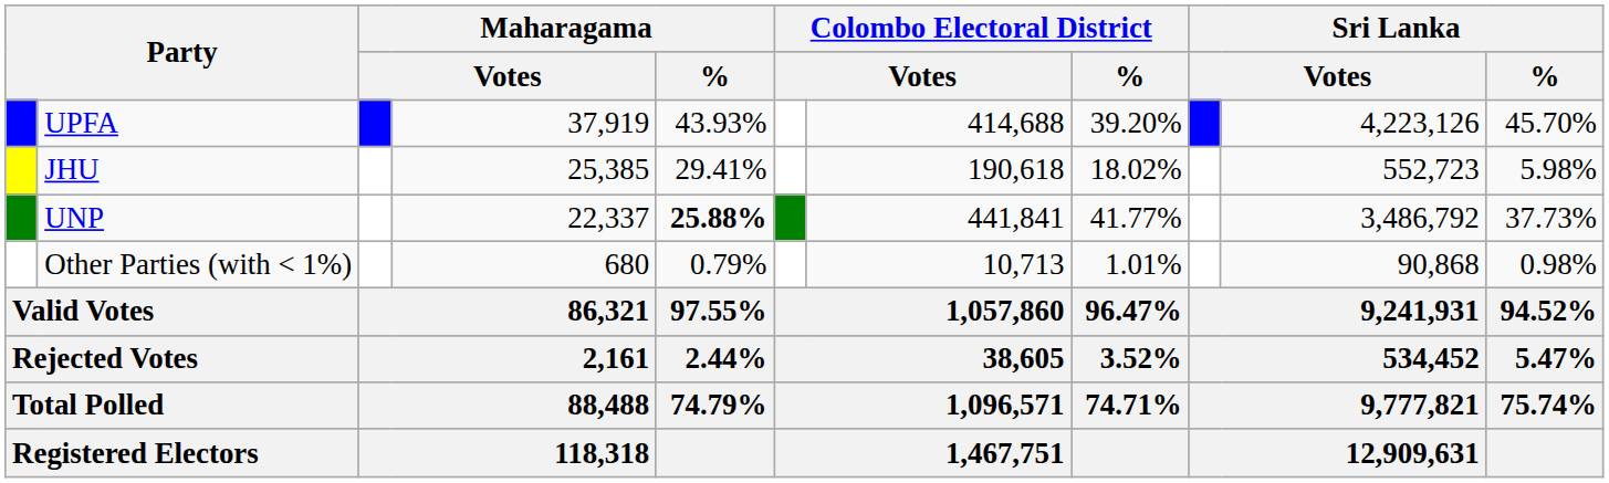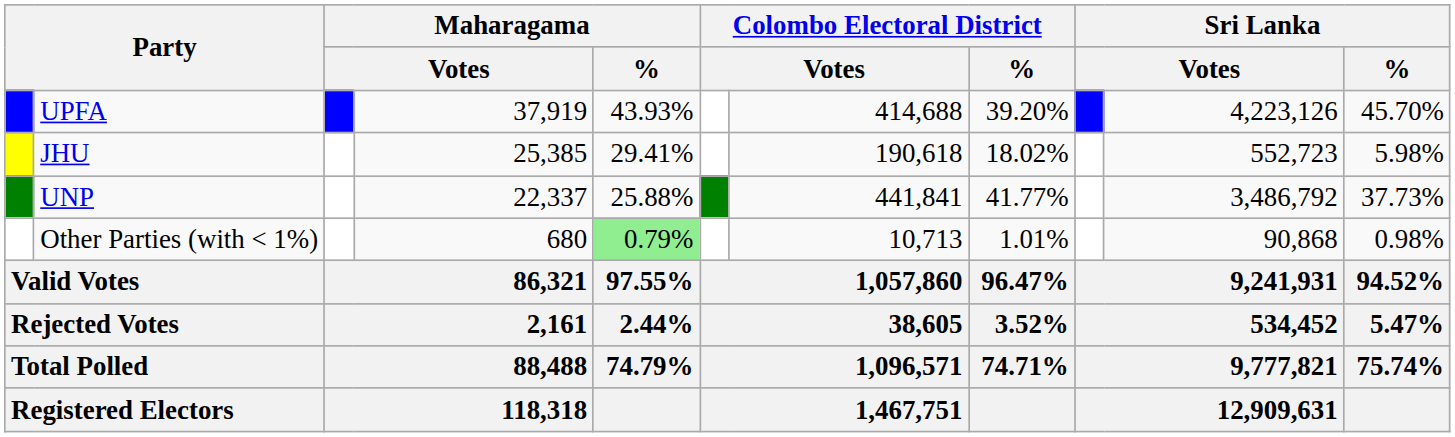 <table class="wikitable">
 <tr>
 <th colspan="2" width="144px"rowspan="2">Party</th>
 <th colspan="3" width="216px">Maharagama</th>
 <th colspan="3" width="216px"><a href='#'>Colombo Electoral District</a></th>
 <th colspan="3" width="216px">Sri Lanka</th>
 </tr>
 <tr>
 <th colspan="2" width="144px">Votes</th>
 <th>%</th>
 <th colspan="2" width="144px">Votes</th>
 <th>%</th>
 <th colspan="2" width="144px">Votes</th>
 <th>%</th>
 </tr>
 <tr>
 <td style="background-color:blue;" width="10px"></td>
 <td style="text-align:left;"><a href='#'>UPFA</a></td>
 <td style="background-color:blue;" width="10px"></td>
 <td style="text-align:right;">37,919</td>
 <td style="text-align:right;">43.93%</td>
 <td style="background-color:white;" width="10px"></td>
 <td style="text-align:right;">414,688</td>
 <td style="text-align:right;">39.20%</td>
 <td style="background-color:blue;" width="10px"></td>
 <td style="text-align:right;">4,223,126</td>
 <td style="text-align:right;">45.70%</td>
 </tr>
 <tr>
 <td style="background-color:yellow;" width="10px"></td>
 <td style="text-align:left;"><a href='#'>JHU</a></td>
 <td style="background-color:white;" width="10px"></td>
 <td style="text-align:right;">25,385</td>
 <td style="text-align:right;">29.41%</td>
 <td style="background-color:white;" width="10px"></td>
 <td style="text-align:right;">190,618</td>
 <td style="text-align:right;">18.02%</td>
 <td style="background-color:white;" width="10px"></td>
 <td style="text-align:right;">552,723</td>
 <td style="text-align:right;">5.98%</td>
 </tr>
 <tr>
 <td style="background-color:green;" width="10px"></td>
 <td style="text-align:left;"><a href='#'>UNP</a></td>
 <td style="background-color:white;" width="10px"></td>
 <td style="text-align:right;">22,337</td>
-<td style="text-align:right;"><strong>25.88%</strong></td>
+<td style="text-align:right;">25.88%</td>
 <td style="background-color:green;" width="10px"></td>
 <td style="text-align:right;">441,841</td>
 <td style="text-align:right;">41.77%</td>
 <td style="background-color:white;" width="10px"></td>
 <td style="text-align:right;">3,486,792</td>
 <td style="text-align:right;">37.73%</td>
 </tr>
 <tr>
 <td style="background-color:white;" width="10px"></td>
 <td style="text-align:left;">Other Parties (with < 1%)</td>
 <td style="background-color:white;" width="10px"></td>
 <td style="text-align:right;">680</td>
-<td style="text-align:right;">0.79%</td>
+<td style="background: lightgreen; text-align:right;">0.79%</td>
 <td style="background-color:white;" width="10px"></td>
 <td style="text-align:right;">10,713</td>
 <td style="text-align:right;">1.01%</td>
 <td style="background-color:white;" width="10px"></td>
 <td style="text-align:right;">90,868</td>
 <td style="text-align:right;">0.98%</td>
 </tr>
 <tr>
 <th colspan="2" width="144px"style="text-align:left;">Valid Votes</th>
 <th style="text-align:right;"colspan="2" width="144px">86,321</th>
 <th style="text-align:right;">97.55%</th>
 <th style="text-align:right;"colspan="2" width="144px">1,057,860</th>
 <th style="text-align:right;">96.47%</th>
 <th style="text-align:right;"colspan="2" width="144px">9,241,931</th>
 <th style="text-align:right;">94.52%</th>
 </tr>
 <tr>
 <th colspan="2" width="144px"style="text-align:left;">Rejected Votes</th>
 <th style="text-align:right;"colspan="2" width="144px">2,161</th>
 <th style="text-align:right;">2.44%</th>
 <th style="text-align:right;"colspan="2" width="144px">38,605</th>
 <th style="text-align:right;">3.52%</th>
 <th style="text-align:right;"colspan="2" width="144px">534,452</th>
 <th style="text-align:right;">5.47%</th>
 </tr>
 <tr>
 <th colspan="2" width="144px"style="text-align:left;">Total Polled</th>
 <th style="text-align:right;"colspan="2" width="144px">88,488</th>
 <th style="text-align:right;">74.79%</th>
 <th style="text-align:right;"colspan="2" width="144px">1,096,571</th>
 <th style="text-align:right;">74.71%</th>
 <th style="text-align:right;"colspan="2" width="144px">9,777,821</th>
 <th style="text-align:right;">75.74%</th>
 </tr>
 <tr>
 <th colspan="2" width="144px"style="text-align:left;">Registered Electors</th>
 <th style="text-align:right;"colspan="2" width="144px">118,318</th>
 <th></th>
 <th style="text-align:right;"colspan="2" width="144px">1,467,751</th>
 <th></th>
 <th style="text-align:right;"colspan="2" width="144px">12,909,631</th>
 <th></th>
 </tr>
 </table>
